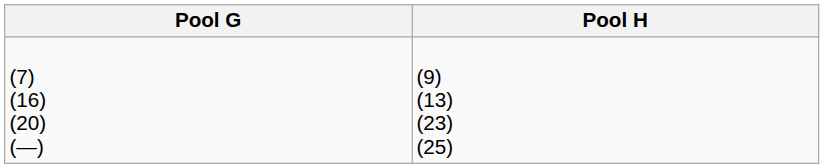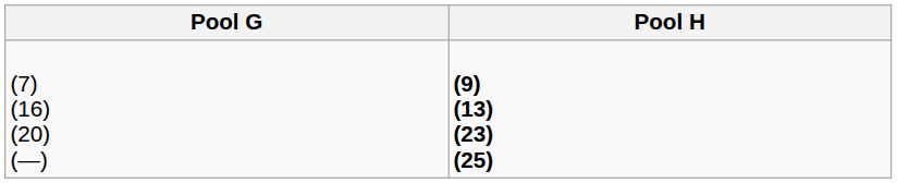 <table class="wikitable" width=50%>
 <tr>
 <th width=25%>Pool G</th>
 <th width=25%>Pool H</th>
 </tr>
 <tr>
 <td><br> (7)<br>  (16)<br>  (20)<br>  (—)</td>
-<td><br> (9)<br>  (13)<br>  (23)<br>  (25)</td>
+<td><strong><br> (9)<br>  (13)<br>  (23)<br>  (25)</strong></td>
 </tr>
 </table>
